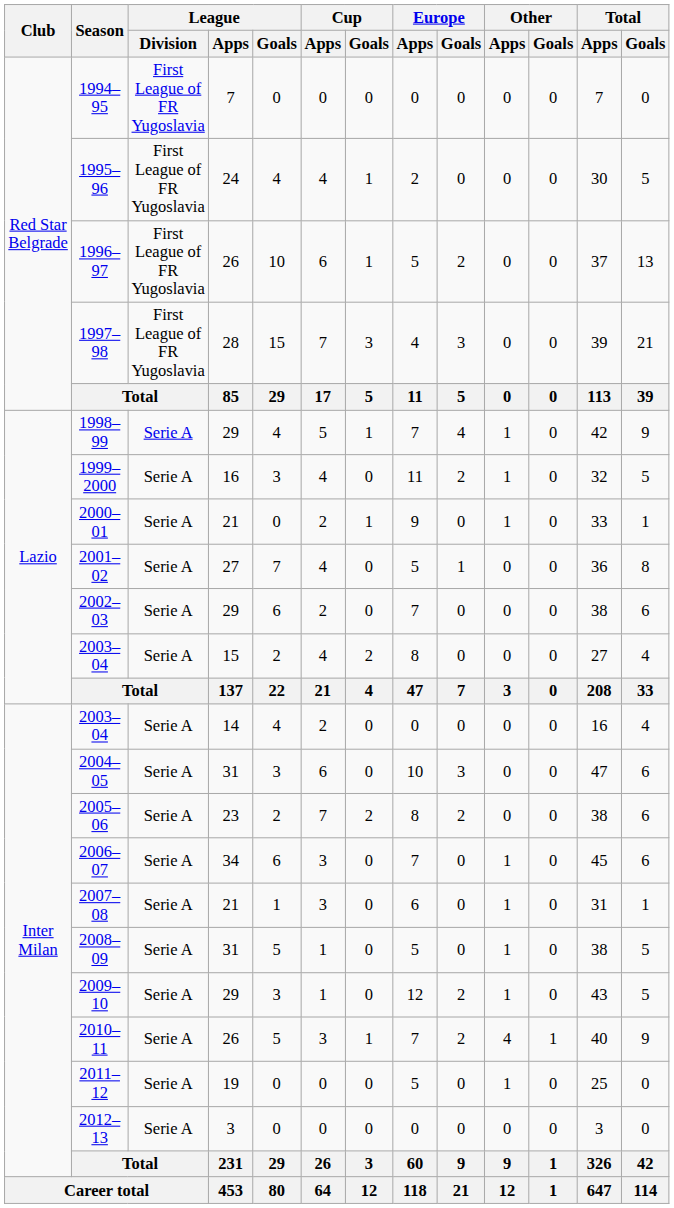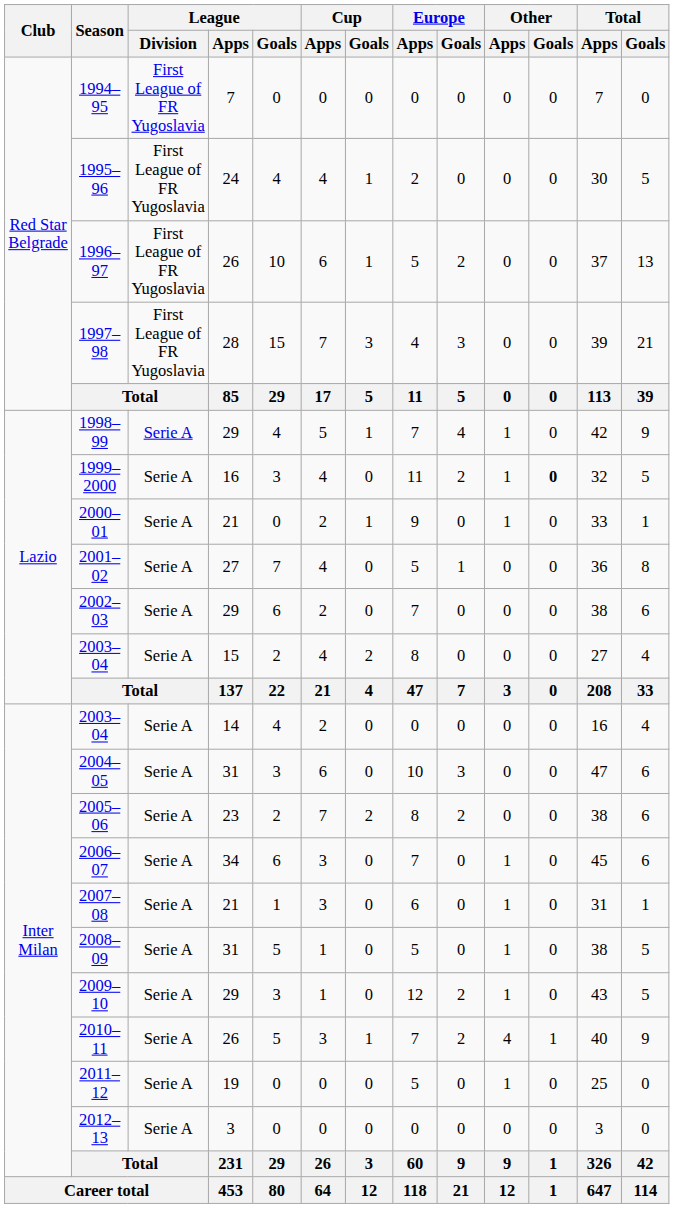 <table class="wikitable" style="text-align:center">
 <tr>
 <th rowspan="2">Club</th>
 <th rowspan="2">Season</th>
 <th colspan="3">League</th>
 <th colspan="2">Cup</th>
 <th colspan="2"><a href='#'>Europe</a></th>
 <th colspan="2">Other</th>
 <th colspan="2">Total</th>
 </tr>
 <tr>
 <th>Division</th>
 <th>Apps</th>
 <th>Goals</th>
 <th>Apps</th>
 <th>Goals</th>
 <th>Apps</th>
 <th>Goals</th>
 <th>Apps</th>
 <th>Goals</th>
 <th>Apps</th>
 <th>Goals</th>
 </tr>
 <tr>
 <td rowspan="5"><a href='#'>Red Star Belgrade</a></td>
 <td><a href='#'>1994–95</a></td>
 <td><a href='#'>First League of<br>FR Yugoslavia</a></td>
 <td>7</td>
 <td>0</td>
 <td>0</td>
 <td>0</td>
 <td>0</td>
 <td>0</td>
 <td>0</td>
 <td>0</td>
 <td>7</td>
 <td>0</td>
 </tr>
 <tr>
 <td><a href='#'>1995–96</a></td>
 <td>First League of<br>FR Yugoslavia</td>
 <td>24</td>
 <td>4</td>
 <td>4</td>
 <td>1</td>
 <td>2</td>
 <td>0</td>
 <td>0</td>
 <td>0</td>
 <td>30</td>
 <td>5</td>
 </tr>
 <tr>
 <td><a href='#'>1996–97</a></td>
 <td>First League of<br>FR Yugoslavia</td>
 <td>26</td>
 <td>10</td>
 <td>6</td>
 <td>1</td>
 <td>5</td>
 <td>2</td>
 <td>0</td>
 <td>0</td>
 <td>37</td>
 <td>13</td>
 </tr>
 <tr>
 <td><a href='#'>1997–98</a></td>
 <td>First League of<br>FR Yugoslavia</td>
 <td>28</td>
 <td>15</td>
 <td>7</td>
 <td>3</td>
 <td>4</td>
 <td>3</td>
 <td>0</td>
 <td>0</td>
 <td>39</td>
 <td>21</td>
 </tr>
 <tr>
 <th colspan="2">Total</th>
 <th>85</th>
 <th>29</th>
 <th>17</th>
 <th>5</th>
 <th>11</th>
 <th>5</th>
 <th>0</th>
 <th>0</th>
 <th>113</th>
 <th>39</th>
 </tr>
 <tr>
 <td rowspan="7"><a href='#'>Lazio</a></td>
 <td><a href='#'>1998–99</a></td>
 <td><a href='#'>Serie A</a></td>
 <td>29</td>
 <td>4</td>
 <td>5</td>
 <td>1</td>
 <td>7</td>
 <td>4</td>
 <td>1</td>
 <td>0</td>
 <td>42</td>
 <td>9</td>
 </tr>
 <tr>
 <td><a href='#'>1999–2000</a></td>
 <td>Serie A</td>
 <td>16</td>
 <td>3</td>
 <td>4</td>
 <td>0</td>
 <td>11</td>
 <td>2</td>
 <td>1</td>
-<td>0</td>
+<td><strong>0</strong></td>
 <td>32</td>
 <td>5</td>
 </tr>
 <tr>
 <td><a href='#'>2000–01</a></td>
 <td>Serie A</td>
 <td>21</td>
 <td>0</td>
 <td>2</td>
 <td>1</td>
 <td>9</td>
 <td>0</td>
 <td>1</td>
 <td>0</td>
 <td>33</td>
 <td>1</td>
 </tr>
 <tr>
 <td><a href='#'>2001–02</a></td>
 <td>Serie A</td>
 <td>27</td>
 <td>7</td>
 <td>4</td>
 <td>0</td>
 <td>5</td>
 <td>1</td>
 <td>0</td>
 <td>0</td>
 <td>36</td>
 <td>8</td>
 </tr>
 <tr>
 <td><a href='#'>2002–03</a></td>
 <td>Serie A</td>
 <td>29</td>
 <td>6</td>
 <td>2</td>
 <td>0</td>
 <td>7</td>
 <td>0</td>
 <td>0</td>
 <td>0</td>
 <td>38</td>
 <td>6</td>
 </tr>
 <tr>
 <td><a href='#'>2003–04</a></td>
 <td>Serie A</td>
 <td>15</td>
 <td>2</td>
 <td>4</td>
 <td>2</td>
 <td>8</td>
 <td>0</td>
 <td>0</td>
 <td>0</td>
 <td>27</td>
 <td>4</td>
 </tr>
 <tr>
 <th colspan="2">Total</th>
 <th>137</th>
 <th>22</th>
 <th>21</th>
 <th>4</th>
 <th>47</th>
 <th>7</th>
 <th>3</th>
 <th>0</th>
 <th>208</th>
 <th>33</th>
 </tr>
 <tr>
 <td rowspan="11"><a href='#'>Inter Milan</a></td>
 <td><a href='#'>2003–04</a></td>
 <td>Serie A</td>
 <td>14</td>
 <td>4</td>
 <td>2</td>
 <td>0</td>
 <td>0</td>
 <td>0</td>
 <td>0</td>
 <td>0</td>
 <td>16</td>
 <td>4</td>
 </tr>
 <tr>
 <td><a href='#'>2004–05</a></td>
 <td>Serie A</td>
 <td>31</td>
 <td>3</td>
 <td>6</td>
 <td>0</td>
 <td>10</td>
 <td>3</td>
 <td>0</td>
 <td>0</td>
 <td>47</td>
 <td>6</td>
 </tr>
 <tr>
 <td><a href='#'>2005–06</a></td>
 <td>Serie A</td>
 <td>23</td>
 <td>2</td>
 <td>7</td>
 <td>2</td>
 <td>8</td>
 <td>2</td>
 <td>0</td>
 <td>0</td>
 <td>38</td>
 <td>6</td>
 </tr>
 <tr>
 <td><a href='#'>2006–07</a></td>
 <td>Serie A</td>
 <td>34</td>
 <td>6</td>
 <td>3</td>
 <td>0</td>
 <td>7</td>
 <td>0</td>
 <td>1</td>
 <td>0</td>
 <td>45</td>
 <td>6</td>
 </tr>
 <tr>
 <td><a href='#'>2007–08</a></td>
 <td>Serie A</td>
 <td>21</td>
 <td>1</td>
 <td>3</td>
 <td>0</td>
 <td>6</td>
 <td>0</td>
 <td>1</td>
 <td>0</td>
 <td>31</td>
 <td>1</td>
 </tr>
 <tr>
 <td><a href='#'>2008–09</a></td>
 <td>Serie A</td>
 <td>31</td>
 <td>5</td>
 <td>1</td>
 <td>0</td>
 <td>5</td>
 <td>0</td>
 <td>1</td>
 <td>0</td>
 <td>38</td>
 <td>5</td>
 </tr>
 <tr>
 <td><a href='#'>2009–10</a></td>
 <td>Serie A</td>
 <td>29</td>
 <td>3</td>
 <td>1</td>
 <td>0</td>
 <td>12</td>
 <td>2</td>
 <td>1</td>
 <td>0</td>
 <td>43</td>
 <td>5</td>
 </tr>
 <tr>
 <td><a href='#'>2010–11</a></td>
 <td>Serie A</td>
 <td>26</td>
 <td>5</td>
 <td>3</td>
 <td>1</td>
 <td>7</td>
 <td>2</td>
 <td>4</td>
 <td>1</td>
 <td>40</td>
 <td>9</td>
 </tr>
 <tr>
 <td><a href='#'>2011–12</a></td>
 <td>Serie A</td>
 <td>19</td>
 <td>0</td>
 <td>0</td>
 <td>0</td>
 <td>5</td>
 <td>0</td>
 <td>1</td>
 <td>0</td>
 <td>25</td>
 <td>0</td>
 </tr>
 <tr>
 <td><a href='#'>2012–13</a></td>
 <td>Serie A</td>
 <td>3</td>
 <td>0</td>
 <td>0</td>
 <td>0</td>
 <td>0</td>
 <td>0</td>
 <td>0</td>
 <td>0</td>
 <td>3</td>
 <td>0</td>
 </tr>
 <tr>
 <th colspan="2">Total</th>
 <th>231</th>
 <th>29</th>
 <th>26</th>
 <th>3</th>
 <th>60</th>
 <th>9</th>
 <th>9</th>
 <th>1</th>
 <th>326</th>
 <th>42</th>
 </tr>
 <tr>
 <th colspan="3">Career total</th>
 <th>453</th>
 <th>80</th>
 <th>64</th>
 <th>12</th>
 <th>118</th>
 <th>21</th>
 <th>12</th>
 <th>1</th>
 <th>647</th>
 <th>114</th>
 </tr>
 </table>
